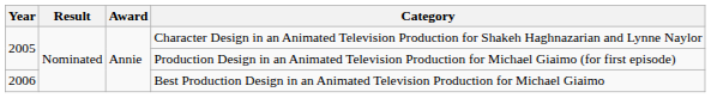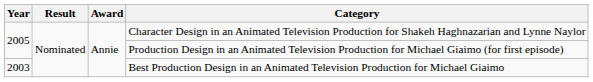 <table class="wikitable">
 <tr>
 <th>Year</th>
 <th>Result</th>
 <th>Award</th>
 <th>Category</th>
 </tr>
 <tr>
 <td rowspan="2">2005</td>
 <td rowspan="3">Nominated</td>
 <td rowspan="3">Annie</td>
 <td>Character Design in an Animated Television Production for Shakeh Haghnazarian and Lynne Naylor</td>
 </tr>
 <tr>
 <td>Production Design in an Animated Television Production for Michael Giaimo (for first episode)</td>
 </tr>
 <tr>
-<td>2006</td>
+<td>2003</td>
 <td>Best Production Design in an Animated Television Production for Michael Giaimo</td>
 </tr>
 </table>
